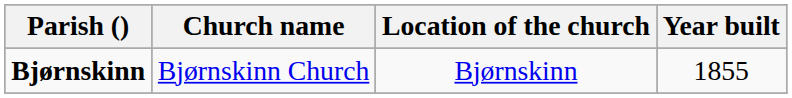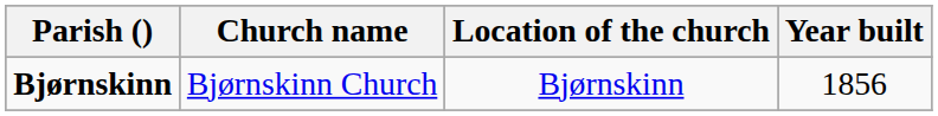 <table class="wikitable" style="text-align:center">
 <tr>
 <th>Parish ()</th>
 <th>Church name</th>
 <th>Location of the church</th>
 <th>Year built</th>
 </tr>
 <tr>
 <td rowspan="1"><strong>Bjørnskinn</strong></td>
 <td><a href='#'>Bjørnskinn Church</a></td>
 <td><a href='#'>Bjørnskinn</a></td>
-<td>1855</td>
+<td>1856</td>
 </tr>
 </table>
